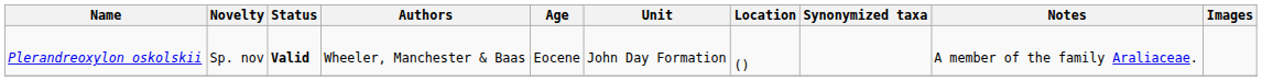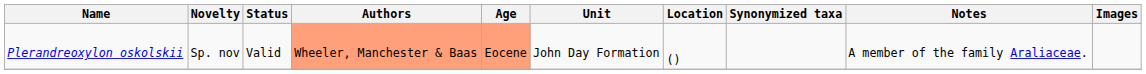 <table class="wikitable sortable" align="center" width="100%">
 <tr>
 <th>Name</th>
 <th>Novelty</th>
 <th>Status</th>
 <th>Authors</th>
 <th>Age</th>
 <th>Unit</th>
 <th>Location</th>
 <th>Synonymized taxa</th>
 <th>Notes</th>
 <th>Images</th>
 </tr>
 <tr>
 <td><br><em><a href='#'>Plerandreoxylon oskolskii</a></em></td>
 <td><br>Sp. nov</td>
-<td><strong><br>Valid</strong></td>
-<td><br>Wheeler, Manchester & Baas</td>
-<td><br>Eocene</td>
+<td><br>Valid</td>
+<td style="background: lightsalmon;"><br>Wheeler, Manchester & Baas</td>
+<td style="background: lightsalmon;"><br>Eocene</td>
 <td><br>John Day Formation</td>
 <td><br><br>()</td>
 <td></td>
 <td><br>A member of the family <a href='#'>Araliaceae</a>.</td>
 <td></td>
 </tr>
 <tr>
 </tr>
 </table>
